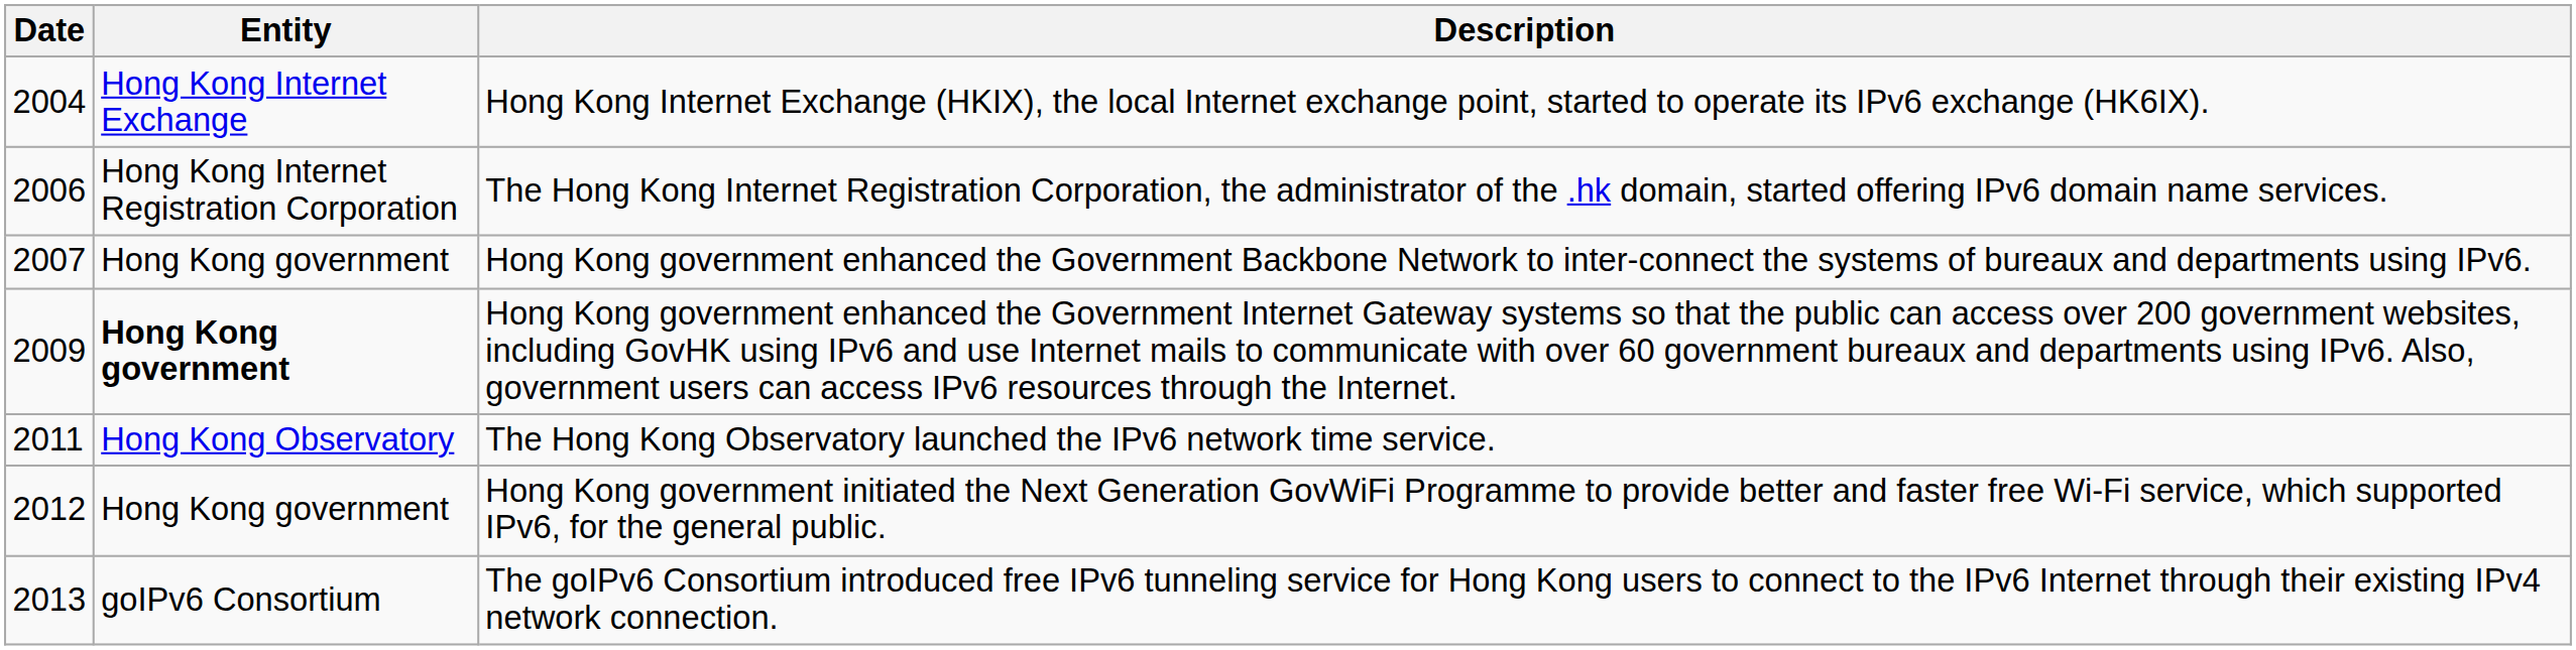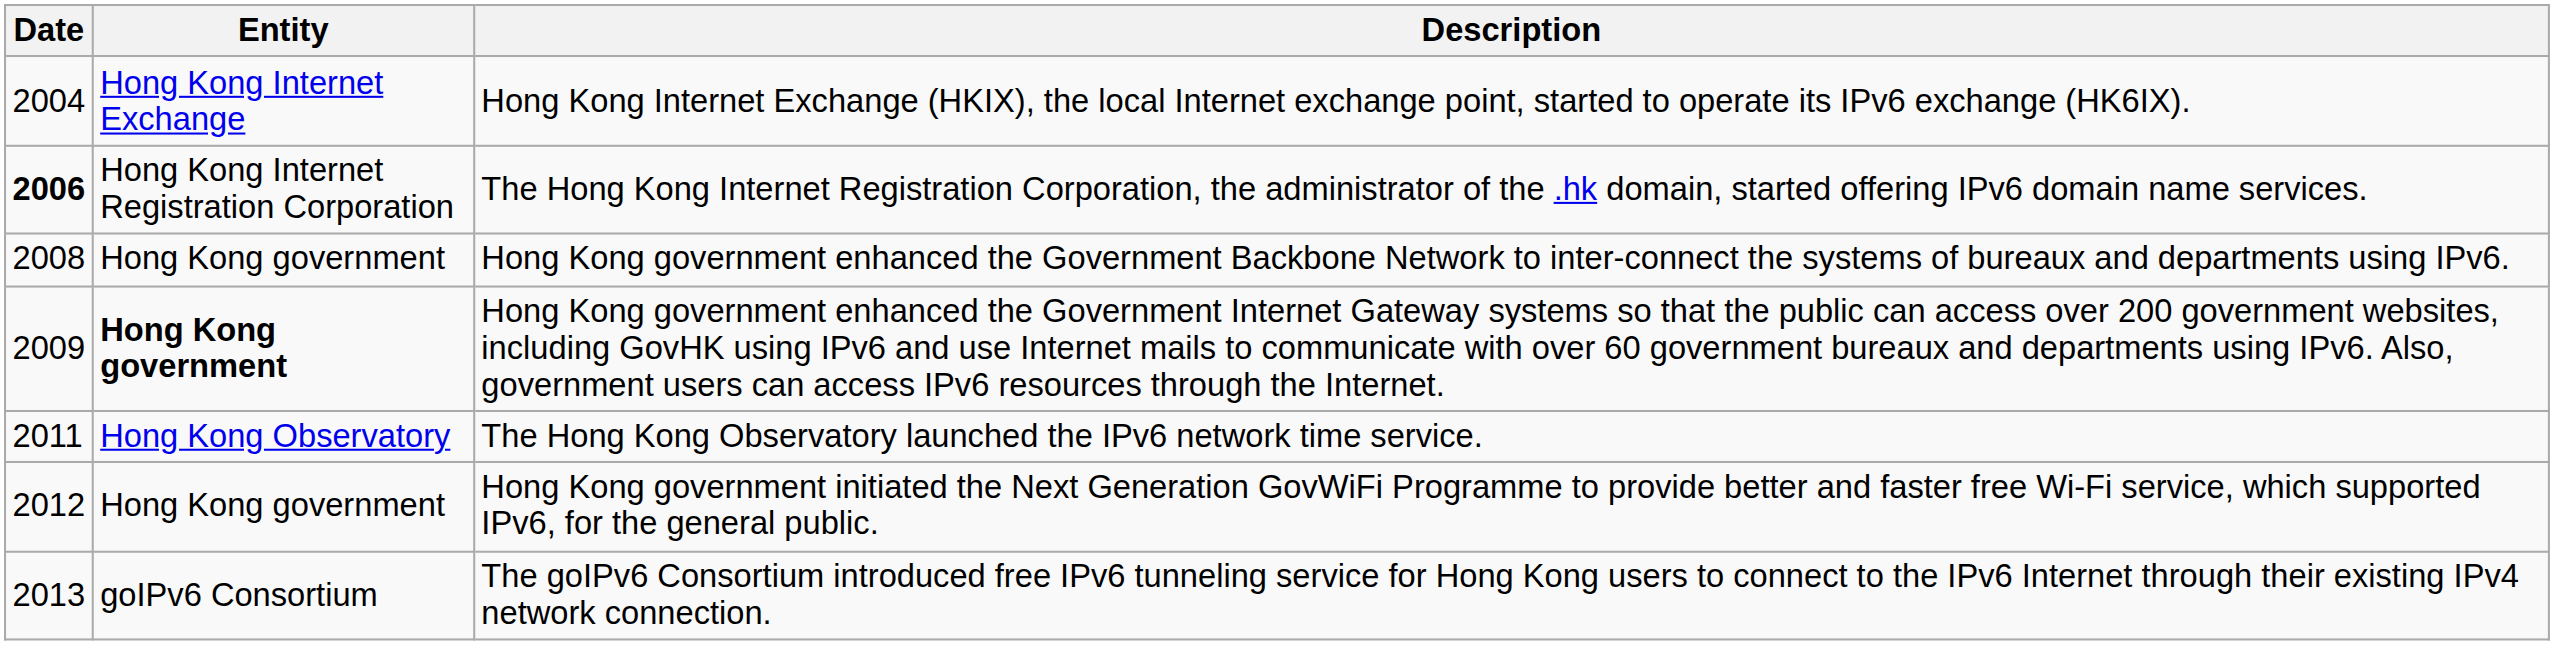 <table class="wikitable sortable">
 <tr>
 <th>Date</th>
 <th>Entity</th>
 <th>Description</th>
 </tr>
 <tr>
 <td>2004</td>
 <td><a href='#'>Hong Kong Internet Exchange</a></td>
 <td>Hong Kong Internet Exchange (HKIX), the local Internet exchange point, started to operate its IPv6 exchange (HK6IX).</td>
 </tr>
 <tr>
-<td>2006</td>
+<td><strong>2006</strong></td>
 <td>Hong Kong Internet Registration Corporation</td>
 <td>The Hong Kong Internet Registration Corporation, the administrator of the <a href='#'>.hk</a> domain, started offering IPv6 domain name services.</td>
 </tr>
 <tr>
-<td>2007</td>
+<td>2008</td>
 <td>Hong Kong government</td>
 <td>Hong Kong government enhanced the Government Backbone Network to inter-connect the systems of bureaux and departments using IPv6.</td>
 </tr>
 <tr>
 <td>2009</td>
 <td><strong>Hong Kong government</strong></td>
 <td>Hong Kong government enhanced the Government Internet Gateway systems so that the public can access over 200 government websites, including GovHK using IPv6 and use Internet mails to communicate with over 60 government bureaux and departments using IPv6. Also, government users can access IPv6 resources through the Internet.</td>
 </tr>
 <tr>
 <td>2011</td>
 <td><a href='#'>Hong Kong Observatory</a></td>
 <td>The Hong Kong Observatory launched the IPv6 network time service.</td>
 </tr>
 <tr>
 <td>2012</td>
 <td>Hong Kong government</td>
 <td>Hong Kong government initiated the Next Generation GovWiFi Programme to provide better and faster free Wi-Fi service, which supported IPv6, for the general public.</td>
 </tr>
 <tr>
 <td>2013</td>
 <td>goIPv6 Consortium</td>
 <td>The goIPv6 Consortium introduced free IPv6 tunneling service for Hong Kong users to connect to the IPv6 Internet through their existing IPv4 network connection.</td>
 </tr>
 </table>
